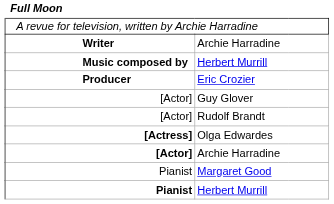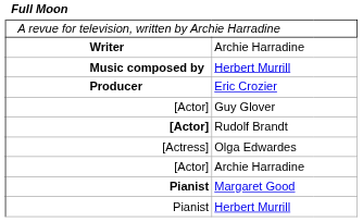 <table class="wikitable mw-collapsible mw-collapsed" style="vertical-align:top;margin:auto 2em;line-height:1.2;max-width:33em;background-color:inherit;border:none;">
 <tr>
 <td class=unsortable style="border:hidden;line-height:1.67;margin-left:-1em;text-align:center;padding-left:0.5em;min-width:1.0em;"></td>
 <td class=unsortable style="border-style:none;padding-left:0.5em;text-align:left;min-width:16.5em;font-weight:700;font-style:italic;">Full Moon</td>
 <td class=unsortable style="border:none;text-align:right;font-weight:normal; font-size:95%; min-width:8.5em;padding-right:0.2em;"></td>
 <td class=unsortable style="border:none;min-width:3.5em;padding-left:0;"></td>
 <td class=unsortable style="border:hidden;min-width:3.5em;font-size:95%;"></td>
 </tr>
 <tr>
 <td rowspan=100 style="border:none thin;border-right-style :solid;"></td>
 <td colspan=3 style="text-align:left;padding:0.1em 1em;font-style:italic;border: solid thin;">A revue for television, written by Archie Harradine</td>
 </tr>
 <tr>
 <td style="text-align:left;padding-left:7.0em;font-weight:bold;">Writer</td>
 <td colspan=2>Archie Harradine</td>
 </tr>
 <tr>
 <td style="text-align:left;padding-left:7.0em;font-weight:bold;">Music composed by</td>
 <td colspan=2><a href='#'>Herbert Murrill</a></td>
 </tr>
 <tr>
 <td style="text-align:left;padding-left:7.0em;font-weight:bold;">Producer</td>
 <td colspan=2><a href='#'>Eric Crozier</a></td>
 </tr>
 <tr>
 <td style="text-align:right;">[Actor]</td>
 <td colspan=2>Guy Glover</td>
 </tr>
 <tr>
-<td style="text-align:right;">[Actor]</td>
+<td style="text-align:right;"><strong>[Actor]</strong></td>
 <td colspan=2>Rudolf Brandt</td>
 </tr>
 <tr>
-<td style="text-align:right;"><strong>[Actress]</strong></td>
+<td style="text-align:right;">[Actress]</td>
 <td colspan=2>Olga Edwardes</td>
 </tr>
 <tr>
-<td style="text-align:right;"><strong>[Actor]</strong></td>
+<td style="text-align:right;">[Actor]</td>
 <td colspan=2>Archie Harradine</td>
 </tr>
 <tr>
-<td style="text-align:right;">Pianist</td>
+<td style="text-align:right;"><strong>Pianist</strong></td>
 <td colspan=2><a href='#'>Margaret Good</a></td>
 </tr>
 <tr>
-<td style="text-align:right;"><strong>Pianist</strong></td>
+<td style="text-align:right;">Pianist</td>
 <td colspan=2><a href='#'>Herbert Murrill</a></td>
 </tr>
 </table>
